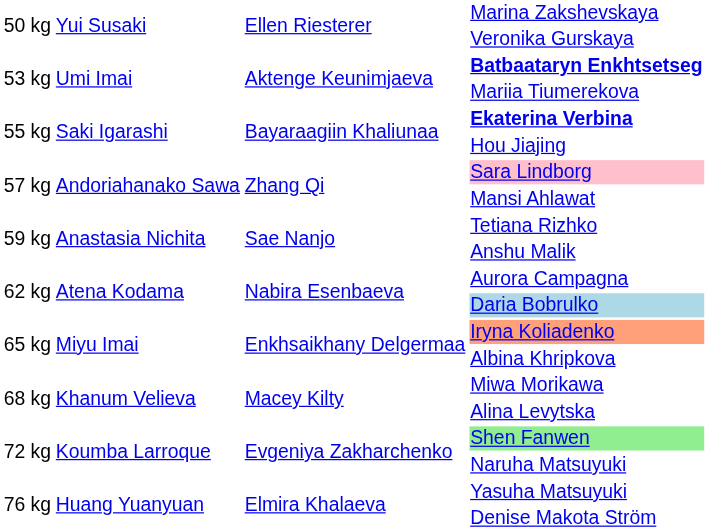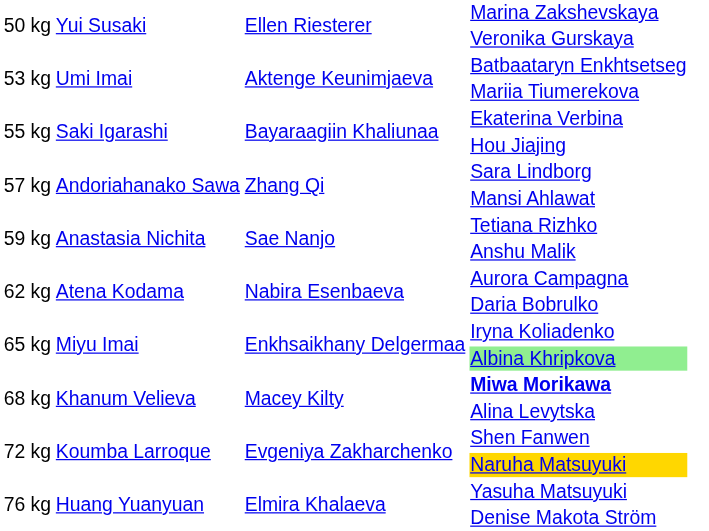 <table>
 <tr>
 <td rowspan=2>50 kg</td>
 <td rowspan=2> <a href='#'>Yui Susaki</a></td>
 <td rowspan=2> <a href='#'>Ellen Riesterer</a></td>
 <td> <a href='#'>Marina Zakshevskaya</a></td>
 </tr>
 <tr>
 <td> <a href='#'>Veronika Gurskaya</a></td>
 </tr>
 <tr>
 <td rowspan=2>53 kg</td>
 <td rowspan=2> <a href='#'>Umi Imai</a></td>
 <td rowspan=2> <a href='#'>Aktenge Keunimjaeva</a></td>
-<td><strong> <a href='#'>Batbaataryn Enkhtsetseg</a></strong></td>
+<td> <a href='#'>Batbaataryn Enkhtsetseg</a></td>
 </tr>
 <tr>
 <td> <a href='#'>Mariia Tiumerekova</a></td>
 </tr>
 <tr>
 <td rowspan=2>55 kg</td>
 <td rowspan=2> <a href='#'>Saki Igarashi</a></td>
 <td rowspan=2> <a href='#'>Bayaraagiin Khaliunaa</a></td>
-<td><strong> <a href='#'>Ekaterina Verbina</a></strong></td>
+<td> <a href='#'>Ekaterina Verbina</a></td>
 </tr>
 <tr>
 <td> <a href='#'>Hou Jiajing</a></td>
 </tr>
 <tr>
 <td rowspan=2>57 kg</td>
 <td rowspan=2> <a href='#'>Andoriahanako Sawa</a></td>
 <td rowspan=2> <a href='#'>Zhang Qi</a></td>
-<td style="background: pink;"> <a href='#'>Sara Lindborg</a></td>
+<td> <a href='#'>Sara Lindborg</a></td>
 </tr>
 <tr>
 <td> <a href='#'>Mansi Ahlawat</a></td>
 </tr>
 <tr>
 <td rowspan=2>59 kg</td>
 <td rowspan=2> <a href='#'>Anastasia Nichita</a></td>
 <td rowspan=2> <a href='#'>Sae Nanjo</a></td>
 <td> <a href='#'>Tetiana Rizhko</a></td>
 </tr>
 <tr>
 <td> <a href='#'>Anshu Malik</a></td>
 </tr>
 <tr>
 <td rowspan=2>62 kg</td>
 <td rowspan=2> <a href='#'>Atena Kodama</a></td>
 <td rowspan=2> <a href='#'>Nabira Esenbaeva</a></td>
 <td> <a href='#'>Aurora Campagna</a></td>
 </tr>
 <tr>
-<td style="background: lightblue;"> <a href='#'>Daria Bobrulko</a></td>
+<td> <a href='#'>Daria Bobrulko</a></td>
 </tr>
 <tr>
 <td rowspan=2>65 kg</td>
 <td rowspan=2> <a href='#'>Miyu Imai</a></td>
 <td rowspan=2> <a href='#'>Enkhsaikhany Delgermaa</a></td>
-<td style="background: lightsalmon;"> <a href='#'>Iryna Koliadenko</a></td>
+<td> <a href='#'>Iryna Koliadenko</a></td>
 </tr>
 <tr>
-<td> <a href='#'>Albina Khripkova</a></td>
+<td style="background: lightgreen;"> <a href='#'>Albina Khripkova</a></td>
 </tr>
 <tr>
 <td rowspan=2>68 kg</td>
 <td rowspan=2> <a href='#'>Khanum Velieva</a></td>
 <td rowspan=2> <a href='#'>Macey Kilty</a></td>
-<td> <a href='#'>Miwa Morikawa</a></td>
+<td><strong> <a href='#'>Miwa Morikawa</a></strong></td>
 </tr>
 <tr>
 <td> <a href='#'>Alina Levytska</a></td>
 </tr>
 <tr>
 <td rowspan=2>72 kg</td>
 <td rowspan=2> <a href='#'>Koumba Larroque</a></td>
 <td rowspan=2> <a href='#'>Evgeniya Zakharchenko</a></td>
-<td style="background: lightgreen;"> <a href='#'>Shen Fanwen</a></td>
+<td> <a href='#'>Shen Fanwen</a></td>
 </tr>
 <tr>
-<td> <a href='#'>Naruha Matsuyuki</a></td>
+<td style="background: gold;"> <a href='#'>Naruha Matsuyuki</a></td>
 </tr>
 <tr>
 <td rowspan=2>76 kg</td>
 <td rowspan=2> <a href='#'>Huang Yuanyuan</a></td>
 <td rowspan=2> <a href='#'>Elmira Khalaeva</a></td>
 <td> <a href='#'>Yasuha Matsuyuki</a></td>
 </tr>
 <tr>
 <td> <a href='#'>Denise Makota Ström</a></td>
 </tr>
 </table>
